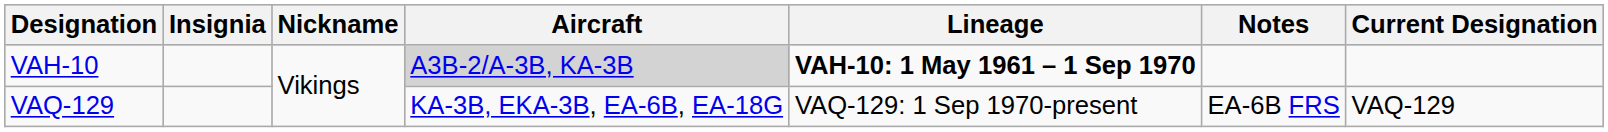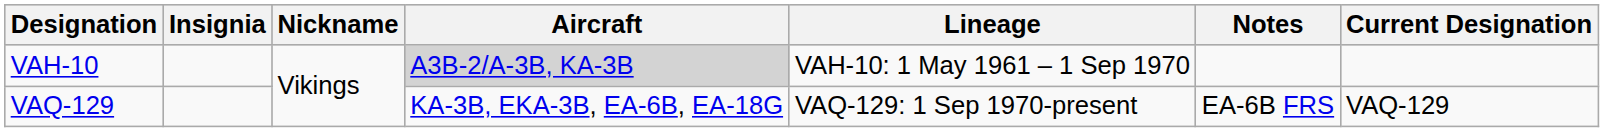 <table class="wikitable">
 <tr>
 <th>Designation</th>
 <th>Insignia</th>
 <th>Nickname</th>
 <th>Aircraft</th>
 <th>Lineage</th>
 <th>Notes</th>
 <th>Current Designation</th>
 </tr>
 <tr>
 <td><a href='#'>VAH-10</a></td>
 <td></td>
 <td Rowspan="2">Vikings</td>
 <td style="background: lightgrey;"><a href='#'>A3B-2/A-3B, KA-3B</a></td>
-<td style="white-space: nowrap;"><strong>VAH-10: 1 May 1961 – 1 Sep 1970</strong></td>
+<td style="white-space: nowrap;">VAH-10: 1 May 1961 – 1 Sep 1970</td>
 <td></td>
 </tr>
 <tr>
 <td><a href='#'>VAQ-129</a></td>
 <td></td>
 <td><a href='#'>KA-3B, EKA-3B</a>, <a href='#'>EA-6B</a>, <a href='#'>EA-18G</a></td>
 <td>VAQ-129: 1 Sep 1970-present</td>
 <td>EA-6B <a href='#'>FRS</a></td>
 <td>VAQ-129</td>
 </tr>
 </table>
